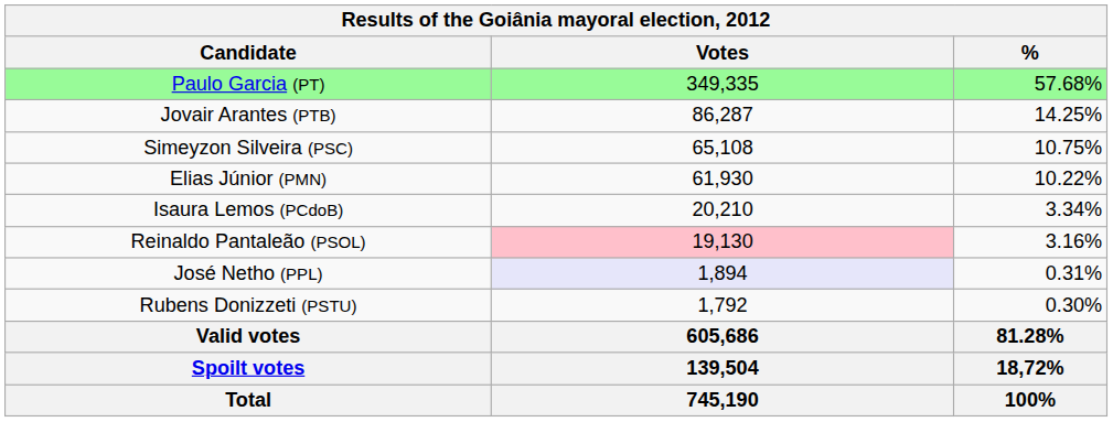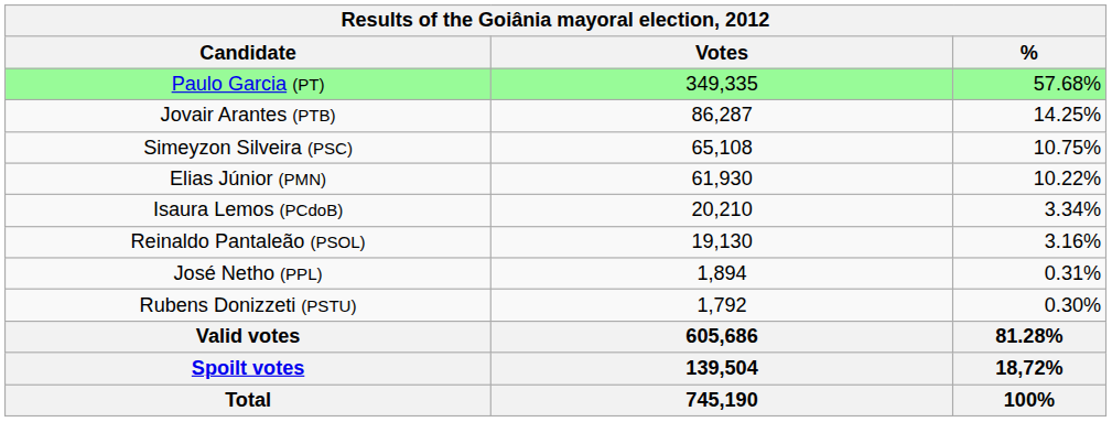 <table class="wikitable" style="text-align:center; width:70%;">
 <tr>
 <th colspan=3>Results of the Goiânia mayoral election, 2012</th>
 </tr>
 <tr>
 <th style="width:5%">Candidate</th>
 <th style="width:5%">Votes</th>
 <th style="width:1%">%</th>
 </tr>
 <tr style="background:#98fb98;">
 <td><a href='#'>Paulo Garcia</a> <small>(PT)</small></td>
 <td style="text-align:center;">349,335</td>
 <td align="right">57.68%</td>
 </tr>
 <tr>
 <td>Jovair Arantes <small>(PTB)</small></td>
 <td style="text-align:center;">86,287</td>
 <td align="right">14.25%</td>
 </tr>
 <tr>
 <td>Simeyzon Silveira <small>(PSC)</small></td>
 <td style="text-align:center;">65,108</td>
 <td align="right">10.75%</td>
 </tr>
 <tr>
 <td>Elias Júnior <small>(PMN)</small></td>
 <td style="text-align:center;">61,930</td>
 <td align="right">10.22%</td>
 </tr>
 <tr>
 <td>Isaura Lemos <small>(PCdoB)</small></td>
 <td style="text-align:center;">20,210</td>
 <td align="right">3.34%</td>
 </tr>
 <tr>
 <td>Reinaldo Pantaleão <small>(PSOL)</small></td>
-<td style="background: pink; text-align:center;">19,130</td>
+<td style="text-align:center;">19,130</td>
 <td align="right">3.16%</td>
 </tr>
 <tr>
 <td>José Netho <small>(PPL)</small></td>
-<td style="background: lavender; text-align:center;">1,894</td>
+<td style="text-align:center;">1,894</td>
 <td align="right">0.31%</td>
 </tr>
 <tr>
 <td>Rubens Donizzeti <small>(PSTU)</small></td>
 <td style="text-align:center;">1,792</td>
 <td align="right">0.30%</td>
 </tr>
 <tr>
 <th>Valid votes</th>
 <th>605,686</th>
 <th>81.28%</th>
 </tr>
 <tr>
 <th><a href='#'>Spoilt votes</a></th>
 <th>139,504</th>
 <th>18,72%</th>
 </tr>
 <tr>
 <th>Total</th>
 <th>745,190</th>
 <th>100%</th>
 </tr>
 </table>
